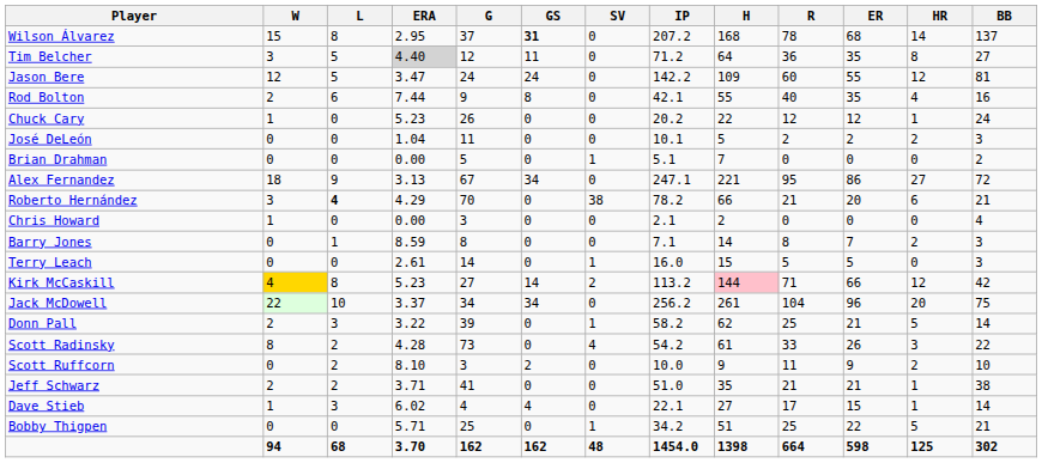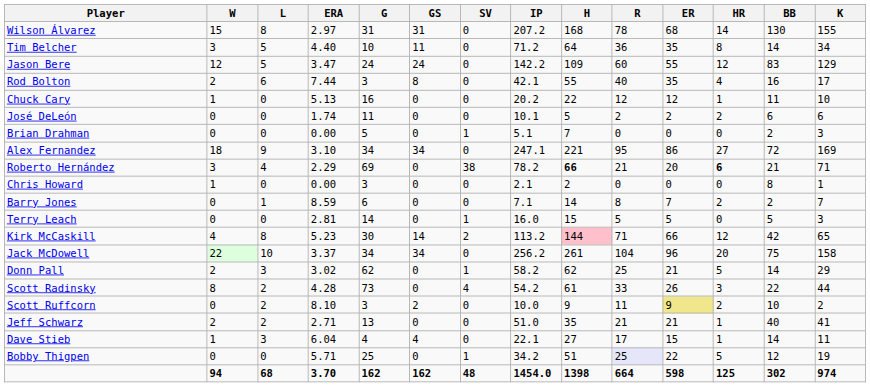 <table class="wikitable sortable">
 <tr>
 <th bgcolor="#DDDDFF" width="20%">Player</th>
 <th bgcolor="#DDDDFF" width="5%">W</th>
 <th bgcolor="#DDDDFF" width="5%">L</th>
 <th bgcolor="#DDDDFF" width="5%">ERA</th>
 <th bgcolor="#DDDDFF" width="5%">G</th>
 <th bgcolor="#DDDDFF" width="5%">GS</th>
 <th bgcolor="#DDDDFF" width="5%">SV</th>
 <th bgcolor="#DDDDFF" width="5%">IP</th>
 <th bgcolor="#DDDDFF" width="5%">H</th>
 <th bgcolor="#DDDDFF" width="5%">R</th>
 <th bgcolor="#DDDDFF" width="5%">ER</th>
 <th bgcolor="#DDDDFF" width="5%">HR</th>
 <th bgcolor="#DDDDFF" width="5%">BB</th>
+<th bgcolor="#DDDDFF" width="5%">K</th>
 </tr>
 <tr>
 <td><a href='#'>Wilson Álvarez</a></td>
 <td>15</td>
 <td>8</td>
-<td>2.95</td>
-<td>37</td>
-<td><strong>31</strong></td>
+<td>2.97</td>
+<td>31</td>
+<td>31</td>
 <td>0</td>
 <td>207.2</td>
 <td>168</td>
 <td>78</td>
 <td>68</td>
 <td>14</td>
-<td>137</td>
+<td>130</td>
+<td>155</td>
 </tr>
 <tr>
 <td><a href='#'>Tim Belcher</a></td>
 <td>3</td>
 <td>5</td>
-<td style="background: lightgrey;">4.40</td>
-<td>12</td>
+<td>4.40</td>
+<td>10</td>
 <td>11</td>
 <td>0</td>
 <td>71.2</td>
 <td>64</td>
 <td>36</td>
 <td>35</td>
 <td>8</td>
-<td>27</td>
+<td>14</td>
+<td>34</td>
 </tr>
 <tr>
 <td><a href='#'>Jason Bere</a></td>
 <td>12</td>
 <td>5</td>
 <td>3.47</td>
 <td>24</td>
 <td>24</td>
 <td>0</td>
 <td>142.2</td>
 <td>109</td>
 <td>60</td>
 <td>55</td>
 <td>12</td>
-<td>81</td>
+<td>83</td>
+<td>129</td>
 </tr>
 <tr>
 <td><a href='#'>Rod Bolton</a></td>
 <td>2</td>
 <td>6</td>
 <td>7.44</td>
-<td>9</td>
+<td>3</td>
 <td>8</td>
 <td>0</td>
 <td>42.1</td>
 <td>55</td>
 <td>40</td>
 <td>35</td>
 <td>4</td>
 <td>16</td>
+<td>17</td>
 </tr>
 <tr>
 <td><a href='#'>Chuck Cary</a></td>
 <td>1</td>
 <td>0</td>
-<td>5.23</td>
-<td>26</td>
+<td>5.13</td>
+<td>16</td>
 <td>0</td>
 <td>0</td>
 <td>20.2</td>
 <td>22</td>
 <td>12</td>
 <td>12</td>
 <td>1</td>
-<td>24</td>
+<td>11</td>
+<td>10</td>
 </tr>
 <tr>
 <td><a href='#'>José DeLeón</a></td>
 <td>0</td>
 <td>0</td>
-<td>1.04</td>
+<td>1.74</td>
 <td>11</td>
 <td>0</td>
 <td>0</td>
 <td>10.1</td>
 <td>5</td>
 <td>2</td>
 <td>2</td>
 <td>2</td>
-<td>3</td>
+<td>6</td>
+<td>6</td>
 </tr>
 <tr>
 <td><a href='#'>Brian Drahman</a></td>
 <td>0</td>
 <td>0</td>
 <td>0.00</td>
 <td>5</td>
 <td>0</td>
 <td>1</td>
 <td>5.1</td>
 <td>7</td>
 <td>0</td>
 <td>0</td>
 <td>0</td>
 <td>2</td>
+<td>3</td>
 </tr>
 <tr>
 <td><a href='#'>Alex Fernandez</a></td>
 <td>18</td>
 <td>9</td>
-<td>3.13</td>
-<td>67</td>
+<td>3.10</td>
+<td>34</td>
 <td>34</td>
 <td>0</td>
 <td>247.1</td>
 <td>221</td>
 <td>95</td>
 <td>86</td>
 <td>27</td>
 <td>72</td>
+<td>169</td>
 </tr>
 <tr>
 <td><a href='#'>Roberto Hernández</a></td>
 <td>3</td>
-<td><strong>4</strong></td>
-<td>4.29</td>
-<td>70</td>
+<td>4</td>
+<td>2.29</td>
+<td>69</td>
 <td>0</td>
 <td>38</td>
 <td>78.2</td>
-<td>66</td>
+<td><strong>66</strong></td>
 <td>21</td>
 <td>20</td>
-<td>6</td>
+<td><strong>6</strong></td>
 <td>21</td>
+<td>71</td>
 </tr>
 <tr>
 <td><a href='#'>Chris Howard</a></td>
 <td>1</td>
 <td>0</td>
 <td>0.00</td>
 <td>3</td>
 <td>0</td>
 <td>0</td>
 <td>2.1</td>
 <td>2</td>
 <td>0</td>
 <td>0</td>
 <td>0</td>
-<td>4</td>
+<td>8</td>
+<td>1</td>
 </tr>
 <tr>
 <td><a href='#'>Barry Jones</a></td>
 <td>0</td>
 <td>1</td>
 <td>8.59</td>
-<td>8</td>
+<td>6</td>
 <td>0</td>
 <td>0</td>
 <td>7.1</td>
 <td>14</td>
 <td>8</td>
 <td>7</td>
 <td>2</td>
-<td>3</td>
+<td>2</td>
+<td>7</td>
 </tr>
 <tr>
 <td><a href='#'>Terry Leach</a></td>
 <td>0</td>
 <td>0</td>
-<td>2.61</td>
+<td>2.81</td>
 <td>14</td>
 <td>0</td>
 <td>1</td>
 <td>16.0</td>
 <td>15</td>
 <td>5</td>
 <td>5</td>
 <td>0</td>
+<td>5</td>
 <td>3</td>
 </tr>
 <tr>
 <td><a href='#'>Kirk McCaskill</a></td>
-<td style="background: gold;">4</td>
+<td>4</td>
 <td>8</td>
 <td>5.23</td>
-<td>27</td>
+<td>30</td>
 <td>14</td>
 <td>2</td>
 <td>113.2</td>
 <td style="background: pink;">144</td>
 <td>71</td>
 <td>66</td>
 <td>12</td>
 <td>42</td>
+<td>65</td>
 </tr>
 <tr>
 <td><a href='#'>Jack McDowell</a></td>
 <td style="background:#DDFFDD;">22</td>
 <td>10</td>
 <td>3.37</td>
 <td>34</td>
 <td>34</td>
 <td>0</td>
 <td>256.2</td>
 <td>261</td>
 <td>104</td>
 <td>96</td>
 <td>20</td>
 <td>75</td>
+<td>158</td>
 </tr>
 <tr>
 <td><a href='#'>Donn Pall</a></td>
 <td>2</td>
 <td>3</td>
-<td>3.22</td>
-<td>39</td>
+<td>3.02</td>
+<td>62</td>
 <td>0</td>
 <td>1</td>
 <td>58.2</td>
 <td>62</td>
 <td>25</td>
 <td>21</td>
 <td>5</td>
 <td>14</td>
+<td>29</td>
 </tr>
 <tr>
 <td><a href='#'>Scott Radinsky</a></td>
 <td>8</td>
 <td>2</td>
 <td>4.28</td>
 <td>73</td>
 <td>0</td>
 <td>4</td>
 <td>54.2</td>
 <td>61</td>
 <td>33</td>
 <td>26</td>
 <td>3</td>
 <td>22</td>
+<td>44</td>
 </tr>
 <tr>
 <td><a href='#'>Scott Ruffcorn</a></td>
 <td>0</td>
 <td>2</td>
 <td>8.10</td>
 <td>3</td>
 <td>2</td>
 <td>0</td>
 <td>10.0</td>
 <td>9</td>
 <td>11</td>
-<td>9</td>
+<td style="background: khaki;">9</td>
 <td>2</td>
 <td>10</td>
+<td>2</td>
 </tr>
 <tr>
 <td><a href='#'>Jeff Schwarz</a></td>
 <td>2</td>
 <td>2</td>
-<td>3.71</td>
-<td>41</td>
+<td>2.71</td>
+<td>13</td>
 <td>0</td>
 <td>0</td>
 <td>51.0</td>
 <td>35</td>
 <td>21</td>
 <td>21</td>
 <td>1</td>
-<td>38</td>
+<td>40</td>
+<td>41</td>
 </tr>
 <tr>
 <td><a href='#'>Dave Stieb</a></td>
 <td>1</td>
 <td>3</td>
-<td>6.02</td>
+<td>6.04</td>
 <td>4</td>
 <td>4</td>
 <td>0</td>
 <td>22.1</td>
 <td>27</td>
 <td>17</td>
 <td>15</td>
 <td>1</td>
 <td>14</td>
+<td>11</td>
 </tr>
 <tr>
 <td><a href='#'>Bobby Thigpen</a></td>
 <td>0</td>
 <td>0</td>
 <td>5.71</td>
 <td>25</td>
 <td>0</td>
 <td>1</td>
 <td>34.2</td>
 <td>51</td>
-<td>25</td>
+<td style="background: lavender;">25</td>
 <td>22</td>
 <td>5</td>
-<td>21</td>
+<td>12</td>
+<td>19</td>
 </tr>
 <tr class="sortbottom">
 <td></td>
 <td><strong>94</strong></td>
 <td><strong>68</strong></td>
 <td><strong>3.70</strong></td>
 <td><strong>162</strong></td>
 <td><strong>162</strong></td>
 <td><strong>48</strong></td>
 <td><strong>1454.0</strong></td>
 <td><strong>1398</strong></td>
 <td><strong>664</strong></td>
 <td><strong>598</strong></td>
 <td><strong>125</strong></td>
 <td><strong>302</strong></td>
+<td><strong>974</strong></td>
 </tr>
 </table>
